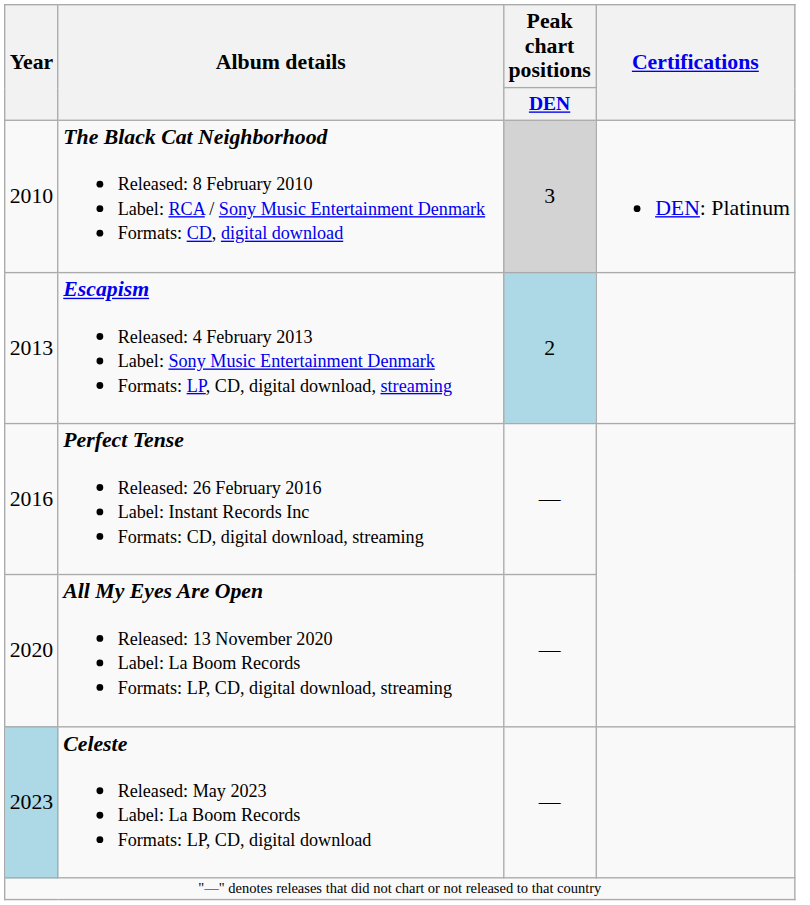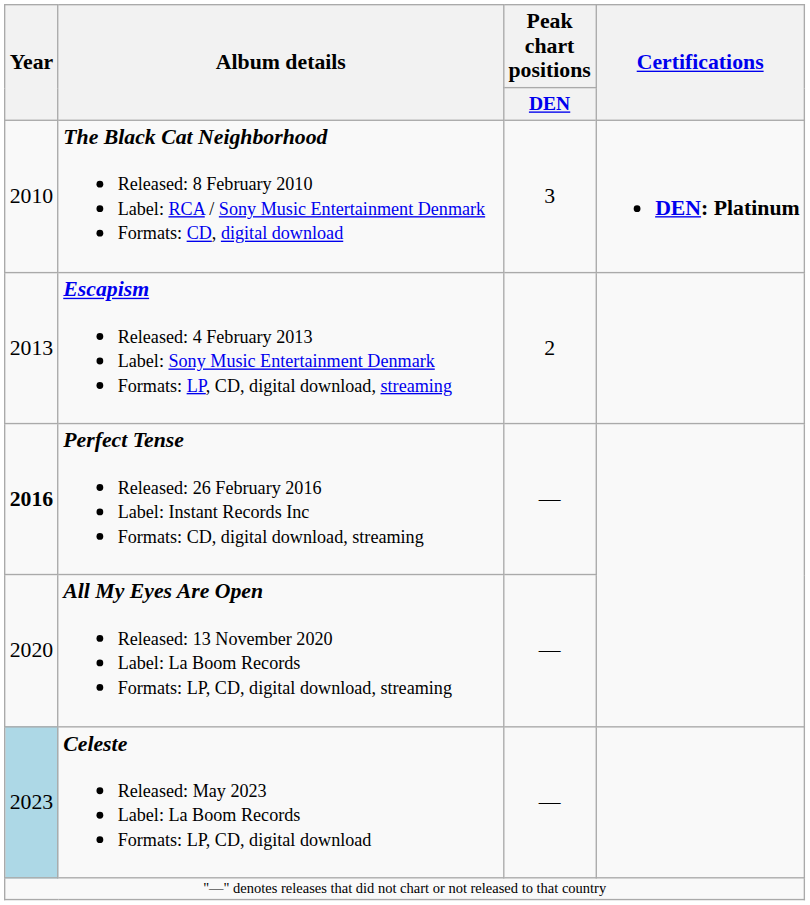 <table class="wikitable" style="text-align: center">
 <tr>
 <th rowspan="2">Year</th>
 <th scope="col" rowspan="2" style="width:20em;">Album details</th>
 <th width="60">Peak chart positions</th>
 <th scope="col" rowspan="2"><a href='#'>Certifications</a></th>
 </tr>
 <tr style="font-size:90%;">
 <th style="width:4em;"><a href='#'>DEN</a><br></th>
 </tr>
 <tr>
 <td>2010</td>
 <td style="text-align:left;"><strong><em>The Black Cat Neighborhood</em></strong><br><ul><li><small>Released: 8 February 2010</small></li><li><small>Label: <a href='#'>RCA</a> / <a href='#'>Sony Music Entertainment Denmark</a></small></li><li><small>Formats: <a href='#'>CD</a>, <a href='#'>digital download</a></small></li></ul></td>
-<td style="background: lightgrey;">3</td>
-<td><br><ul><li><a href='#'>DEN</a>: Platinum</li></ul></td>
+<td>3</td>
+<td><strong><br><ul><li><a href='#'>DEN</a>: Platinum</li></ul></strong></td>
 </tr>
 <tr>
 <td>2013</td>
 <td style="text-align:left;"><strong><em><a href='#'>Escapism</a></em></strong><br><ul><li><small>Released: 4 February 2013</small></li><li><small>Label: <a href='#'>Sony Music Entertainment Denmark</a></small></li><li><small>Formats: <a href='#'>LP</a>, CD, digital download, <a href='#'>streaming</a></small></li></ul></td>
-<td style="background: lightblue;">2</td>
+<td>2</td>
 <td></td>
 </tr>
 <tr>
-<td>2016</td>
+<td><strong>2016</strong></td>
 <td style="text-align:left;"><strong><em>Perfect Tense</em></strong><br><ul><li><small>Released: 26 February 2016</small></li><li><small>Label: Instant Records Inc</small></li><li><small>Formats: CD, digital download, streaming</small></li></ul></td>
 <td>—</td>
 </tr>
 <tr>
 <td>2020</td>
 <td style="text-align:left;"><strong><em>All My Eyes Are Open</em></strong><br><ul><li><small>Released: 13 November 2020</small></li><li><small>Label: La Boom Records</small></li><li><small>Formats: LP, CD, digital download, streaming</small></li></ul></td>
 <td>—</td>
 </tr>
 <tr>
 <td style="background: lightblue;">2023</td>
 <td style="text-align:left;"><strong><em>Celeste</em></strong><br><ul><li><small>Released: May 2023</small></li><li><small>Label: La Boom Records</small></li><li><small>Formats: LP, CD, digital download</small></li></ul></td>
 <td>—</td>
 <td></td>
 </tr>
 <tr>
 <td colspan="10" style="font-size:8pt">"—" denotes releases that did not chart or not released to that country</td>
 </tr>
 </table>
